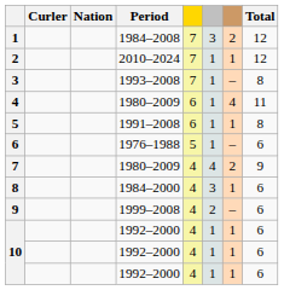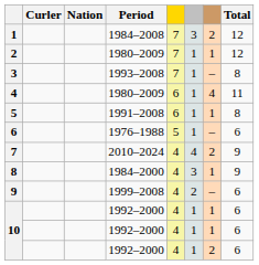 <table class="wikitable sortable" style="text-align:center">
 <tr>
 <th scope="col"></th>
 <th scope="col">Curler</th>
 <th scope="col">Nation</th>
 <th scope="col">Period</th>
 <th scope="col" style="width:1em; background-color:gold"></th>
 <th scope="col" style="width:1em;background-color:silver"></th>
 <th scope="col" style="width:1em;background-color:#CC9966"></th>
 <th scope="col">Total</th>
 </tr>
 <tr>
 <th scope="row">1</th>
 <td align="left"></td>
 <td align="left"></td>
 <td>1984–2008</td>
 <td bgcolor="#F7F6A8">7</td>
 <td bgcolor="#DCE5E5">3</td>
 <td bgcolor="#FFDAB9">2</td>
 <td>12</td>
 </tr>
 <tr>
 <th scope="row">2</th>
 <td align="left"></td>
 <td align="left"><br></td>
-<td>2010–2024</td>
+<td>1980–2009</td>
 <td bgcolor="#F7F6A8">7</td>
 <td bgcolor="#DCE5E5">1</td>
 <td bgcolor="#FFDAB9">1</td>
 <td>12</td>
 </tr>
 <tr>
 <th scope="row">3</th>
 <td align="left"></td>
 <td align="left"></td>
 <td>1993–2008</td>
 <td bgcolor="#F7F6A8">7</td>
 <td bgcolor="#DCE5E5">1</td>
 <td bgcolor="#FFDAB9">–</td>
 <td>8</td>
 </tr>
 <tr>
 <th scope="row">4</th>
 <td align="left"></td>
 <td align="left"><br></td>
 <td>1980–2009</td>
 <td bgcolor="#F7F6A8">6</td>
 <td bgcolor="#DCE5E5">1</td>
 <td bgcolor="#FFDAB9">4</td>
 <td>11</td>
 </tr>
 <tr>
 <th scope="row">5</th>
 <td align="left"></td>
 <td align="left"></td>
 <td>1991–2008</td>
 <td bgcolor="#F7F6A8">6</td>
 <td bgcolor="#DCE5E5">1</td>
 <td bgcolor="#FFDAB9">1</td>
 <td>8</td>
 </tr>
 <tr>
 <th scope="row">6</th>
 <td align="left"></td>
 <td align="left"></td>
 <td>1976–1988</td>
 <td bgcolor="#F7F6A8">5</td>
 <td bgcolor="#DCE5E5">1</td>
 <td bgcolor="#FFDAB9">–</td>
 <td>6</td>
 </tr>
 <tr>
 <th scope="row">7</th>
 <td align="left"></td>
 <td align="left"></td>
-<td>1980–2009</td>
+<td>2010–2024</td>
 <td bgcolor="#F7F6A8">4</td>
 <td bgcolor="#DCE5E5">4</td>
 <td bgcolor="#FFDAB9">2</td>
 <td>9</td>
 </tr>
 <tr>
 <th scope="row">8</th>
 <td align="left"></td>
 <td align="left"></td>
 <td>1984–2000</td>
 <td bgcolor="#F7F6A8">4</td>
 <td bgcolor="#DCE5E5">3</td>
 <td bgcolor="#FFDAB9">1</td>
-<td>6</td>
+<td>9</td>
 </tr>
 <tr>
 <th scope="row">9</th>
 <td align="left"></td>
 <td align="left"></td>
 <td>1999–2008</td>
 <td bgcolor="#F7F6A8">4</td>
 <td bgcolor="#DCE5E5">2</td>
 <td bgcolor="#FFDAB9">–</td>
 <td>6</td>
 </tr>
 <tr>
 <th scope="row" rowspan="3">10</th>
 <td align="left"></td>
 <td align="left"></td>
 <td>1992–2000</td>
 <td bgcolor="#F7F6A8">4</td>
 <td bgcolor="#DCE5E5">1</td>
 <td bgcolor="#FFDAB9">1</td>
 <td>6</td>
 </tr>
 <tr>
 <td align="left"></td>
 <td align="left"></td>
 <td>1992–2000</td>
 <td bgcolor="#F7F6A8">4</td>
 <td bgcolor="#DCE5E5">1</td>
 <td bgcolor="#FFDAB9">1</td>
 <td>6</td>
 </tr>
 <tr>
 <td align="left"></td>
 <td align="left"></td>
 <td>1992–2000</td>
 <td bgcolor="#F7F6A8">4</td>
 <td bgcolor="#DCE5E5">1</td>
-<td bgcolor="#FFDAB9">1</td>
+<td bgcolor="#FFDAB9">2</td>
 <td>6</td>
 </tr>
 </table>
